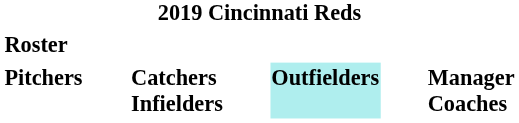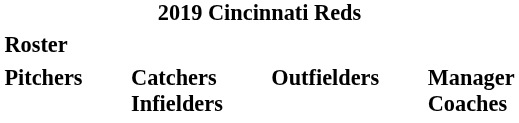 <table class="toccolours" style="font-size: 95%;">
 <tr>
 <th colspan="10">2019 Cincinnati Reds</th>
 </tr>
 <tr>
 <td colspan="10"><strong>Roster</strong></td>
 </tr>
 <tr>
 <td valign="top"><strong>Pitchers</strong><br>                       </td>
 <td width="25px"></td>
 <td valign="top"><strong>Catchers</strong><br>    <strong>Infielders</strong>          </td>
 <td width="25px"></td>
-<td valign="top" style="background: paleturquoise;"><strong>Outfielders</strong><br>        </td>
+<td valign="top"><strong>Outfielders</strong><br>        </td>
 <td width="25px"></td>
 <td valign="top"><strong>Manager</strong><br> <strong>Coaches</strong>                            </td>
 </tr>
 </table>
